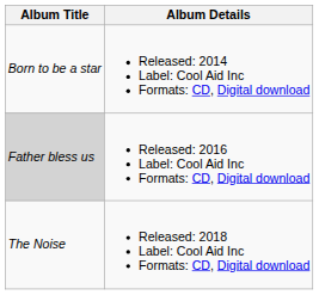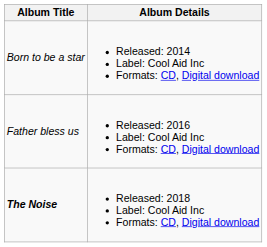 <table class="wikitable">
 <tr>
 <th>Album Title</th>
 <th>Album Details</th>
 </tr>
 <tr>
 <td><em>Born to be a star</em></td>
 <td><br><ul><li>Released: 2014</li><li>Label:   Cool Aid Inc</li><li>Formats: <a href='#'>CD</a>, <a href='#'>Digital download</a></li></ul></td>
 </tr>
 <tr>
-<td style="background: lightgrey;"><em>Father bless us</em></td>
+<td><em>Father bless us</em></td>
 <td><br><ul><li>Released: 2016</li><li>Label: Cool Aid Inc</li><li>Formats: <a href='#'>CD</a>, <a href='#'>Digital download</a></li></ul></td>
 </tr>
 <tr>
-<td><em>The Noise</em></td>
+<td><strong><em>The Noise</em></strong></td>
 <td><br><ul><li>Released: 2018</li><li>Label:   Cool Aid Inc</li><li>Formats: <a href='#'>CD</a>, <a href='#'>Digital download</a></li></ul></td>
 </tr>
 </table>
